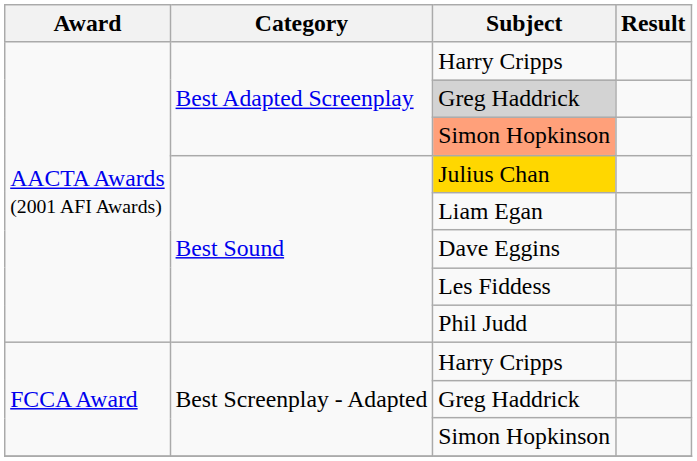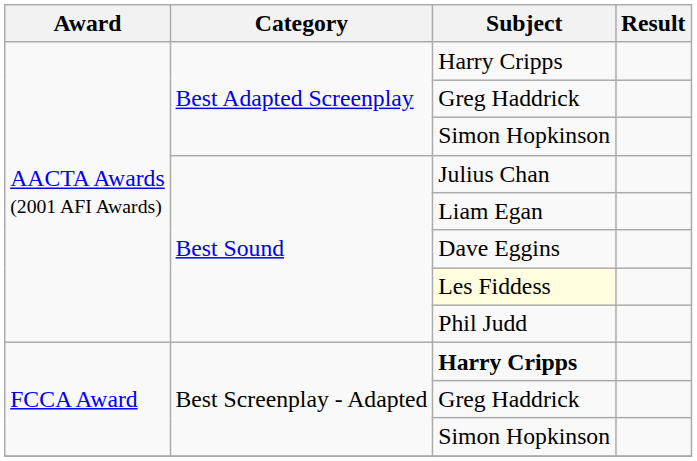 <table class="wikitable sortable plainrowheaders">
 <tr>
 <th>Award</th>
 <th>Category</th>
 <th>Subject</th>
 <th>Result</th>
 </tr>
 <tr>
 <td rowspan=8><a href='#'>AACTA Awards</a><br><small>(2001 AFI Awards)</small></td>
 <td rowspan=3><a href='#'>Best Adapted Screenplay</a></td>
 <td>Harry Cripps</td>
 <td></td>
 </tr>
 <tr>
-<td style="background: lightgrey;">Greg Haddrick</td>
+<td>Greg Haddrick</td>
 <td></td>
 </tr>
 <tr>
-<td style="background: lightsalmon;">Simon Hopkinson</td>
+<td>Simon Hopkinson</td>
 <td></td>
 </tr>
 <tr>
 <td rowspan=5><a href='#'>Best Sound</a></td>
-<td style="background: gold;">Julius Chan</td>
+<td>Julius Chan</td>
 <td></td>
 </tr>
 <tr>
 <td>Liam Egan</td>
 <td></td>
 </tr>
 <tr>
 <td>Dave Eggins</td>
 <td></td>
 </tr>
 <tr>
-<td>Les Fiddess</td>
+<td style="background: lightyellow;">Les Fiddess</td>
 <td></td>
 </tr>
 <tr>
 <td>Phil Judd</td>
 <td></td>
 </tr>
 <tr>
 <td rowspan=3><a href='#'>FCCA Award</a></td>
 <td rowspan=3>Best Screenplay - Adapted</td>
-<td>Harry Cripps</td>
+<td><strong>Harry Cripps</strong></td>
 <td></td>
 </tr>
 <tr>
 <td>Greg Haddrick</td>
 <td></td>
 </tr>
 <tr>
 <td>Simon Hopkinson</td>
 <td></td>
 </tr>
 <tr>
 </tr>
 </table>
